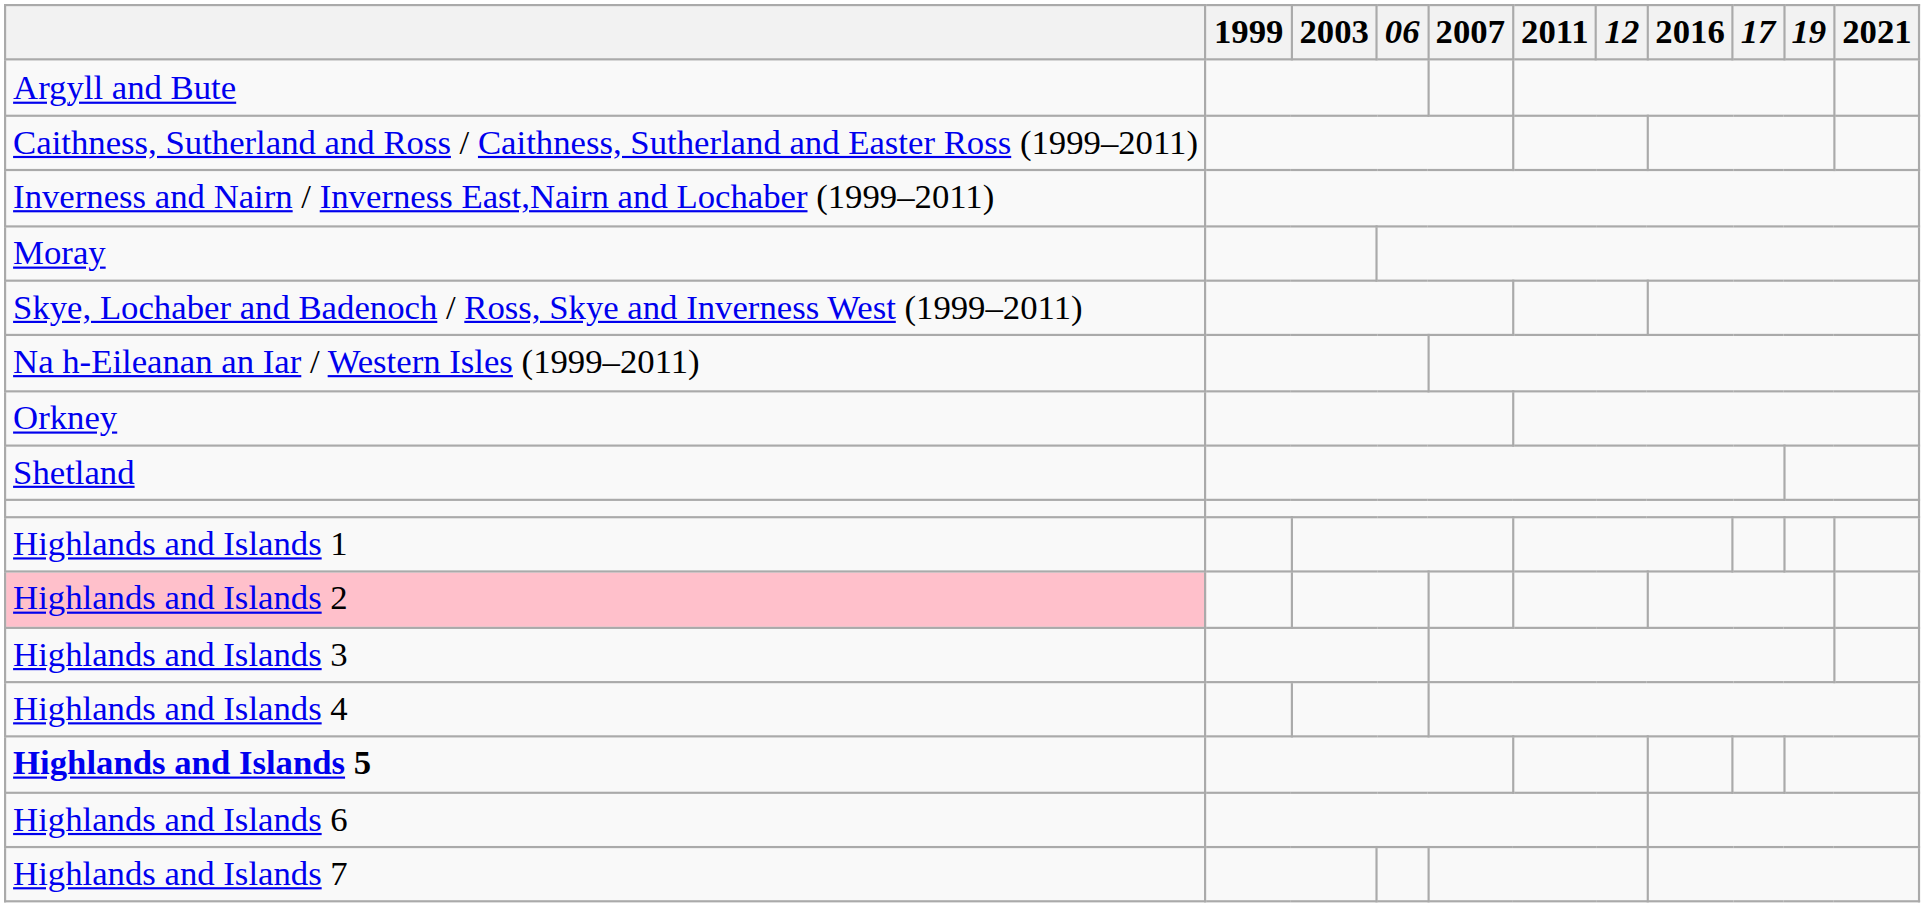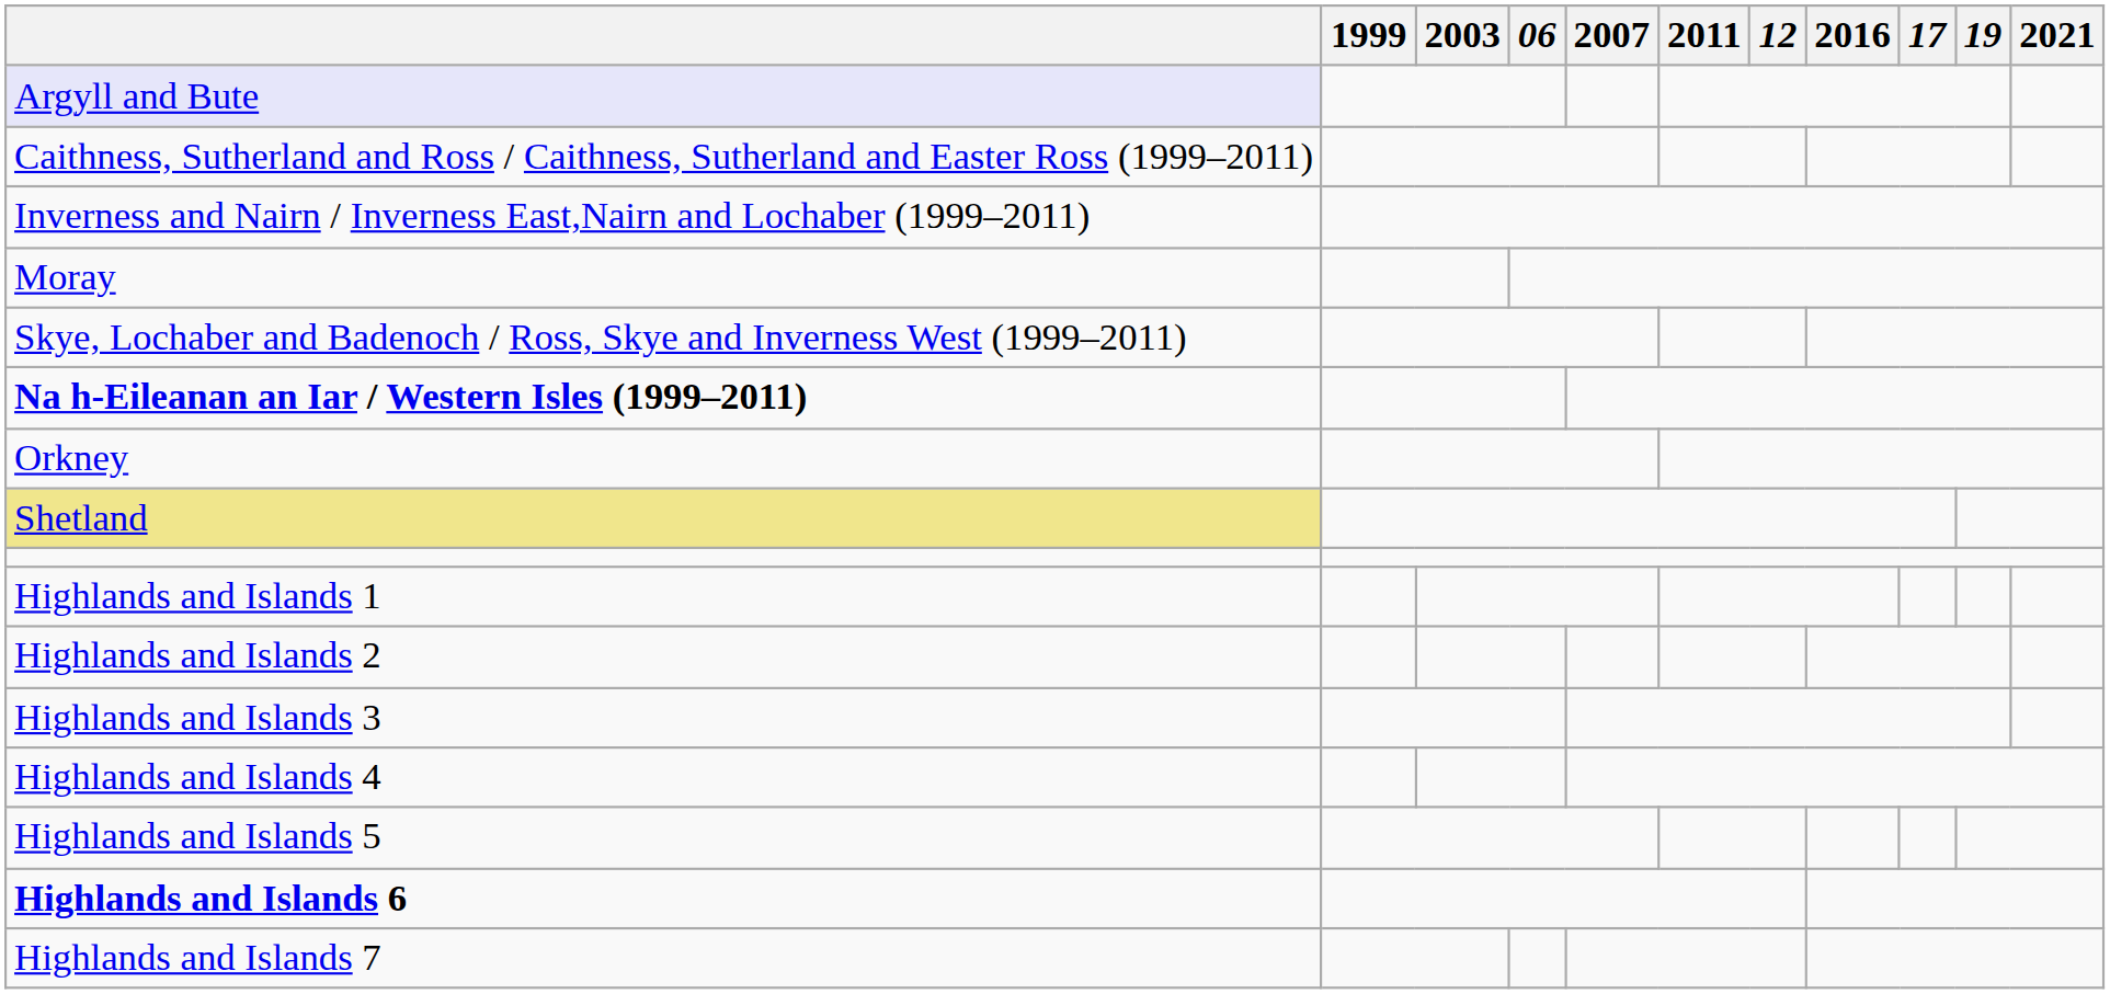 <table class="wikitable">
 <tr>
 <th></th>
 <th>1999</th>
 <th>2003</th>
 <th><em>06</em></th>
 <th>2007</th>
 <th>2011</th>
 <th><em>12</em></th>
 <th>2016</th>
 <th><em>17</em></th>
 <th><em>19</em></th>
 <th>2021</th>
 </tr>
 <tr>
-<td><a href='#'>Argyll and Bute</a></td>
+<td style="background: lavender;"><a href='#'>Argyll and Bute</a></td>
 <td colspan="3"><a href='#'></a></td>
 <td><a href='#'></a></td>
 <td colspan="5"><a href='#'></a></td>
 <td><a href='#'></a></td>
 </tr>
 <tr>
 <td><a href='#'>Caithness, Sutherland and Ross</a> / <a href='#'>Caithness, Sutherland and Easter Ross</a> (1999–2011)</td>
 <td colspan="4"><a href='#'></a></td>
 <td colspan="2"><a href='#'></a></td>
 <td colspan="3"><a href='#'></a></td>
 <td><a href='#'></a></td>
 </tr>
 <tr>
 <td><a href='#'>Inverness and Nairn</a> / <a href='#'>Inverness East,Nairn and Lochaber</a> (1999–2011)</td>
 <td colspan="10"><a href='#'></a></td>
 </tr>
 <tr>
 <td><a href='#'>Moray</a></td>
 <td colspan="2"><a href='#'></a></td>
 <td colspan="8"><a href='#'></a></td>
 </tr>
 <tr>
 <td><a href='#'>Skye, Lochaber and Badenoch</a> / <a href='#'>Ross, Skye and Inverness West</a> (1999–2011)</td>
 <td colspan="4"><a href='#'></a></td>
 <td colspan="2"><a href='#'></a></td>
 <td colspan="4"><a href='#'></a></td>
 </tr>
 <tr>
-<td><a href='#'>Na h-Eileanan an Iar</a> / <a href='#'>Western Isles</a> (1999–2011)</td>
+<td><strong><a href='#'>Na h-Eileanan an Iar</a> / <a href='#'>Western Isles</a> (1999–2011)</strong></td>
 <td colspan="3"><a href='#'></a></td>
 <td colspan="7"><a href='#'></a></td>
 </tr>
 <tr>
 <td><a href='#'>Orkney</a></td>
 <td colspan="4"><a href='#'></a></td>
 <td colspan="6"><a href='#'></a></td>
 </tr>
 <tr>
-<td><a href='#'>Shetland</a></td>
+<td style="background: khaki;"><a href='#'>Shetland</a></td>
 <td colspan="8"><a href='#'></a></td>
 <td colspan="2"><a href='#'></a></td>
 </tr>
 <tr>
 <td></td>
 <td colspan="10"></td>
 </tr>
 <tr>
 <td><a href='#'>Highlands and Islands</a> 1</td>
 <td><a href='#'></a></td>
 <td colspan="3"><a href='#'></a></td>
 <td colspan="3"><a href='#'></a></td>
 <td><a href='#'></a></td>
 <td><a href='#'></a></td>
 <td><a href='#'></a></td>
 </tr>
 <tr>
-<td style="background: pink;"><a href='#'>Highlands and Islands</a> 2</td>
+<td><a href='#'>Highlands and Islands</a> 2</td>
 <td><a href='#'></a></td>
 <td colspan="2"><a href='#'></a></td>
 <td><a href='#'></a></td>
 <td colspan="2"><a href='#'></a></td>
 <td colspan="3"><a href='#'></a></td>
 <td><a href='#'></a></td>
 </tr>
 <tr>
 <td><a href='#'>Highlands and Islands</a> 3</td>
 <td colspan="3"><a href='#'></a></td>
 <td colspan="6"><a href='#'></a></td>
 <td><a href='#'></a></td>
 </tr>
 <tr>
 <td><a href='#'>Highlands and Islands</a> 4</td>
 <td><a href='#'></a></td>
 <td colspan="2"><a href='#'></a></td>
 <td colspan="7"><a href='#'></a></td>
 </tr>
 <tr>
-<td><strong><a href='#'>Highlands and Islands</a> 5</strong></td>
+<td><a href='#'>Highlands and Islands</a> 5</td>
 <td colspan="4"><a href='#'></a></td>
 <td colspan="2"><a href='#'></a></td>
 <td><a href='#'></a></td>
 <td><a href='#'></a></td>
 <td colspan="3"><a href='#'></a></td>
 </tr>
 <tr>
-<td><a href='#'>Highlands and Islands</a> 6</td>
+<td><strong><a href='#'>Highlands and Islands</a> 6</strong></td>
 <td colspan="6"><a href='#'></a></td>
 <td colspan="4"><a href='#'></a></td>
 </tr>
 <tr>
 <td><a href='#'>Highlands and Islands</a> 7</td>
 <td colspan="2"><a href='#'></a></td>
 <td><a href='#'></a></td>
 <td colspan="3"><a href='#'></a></td>
 <td colspan="4"><a href='#'></a></td>
 </tr>
 </table>
